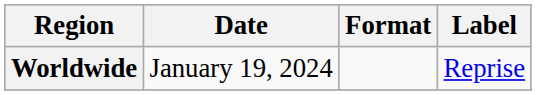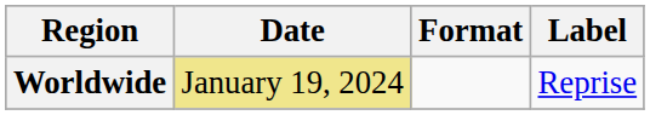 <table class="wikitable plainrowheaders">
 <tr>
 <th scope="col">Region</th>
 <th scope="col">Date</th>
 <th scope="col">Format</th>
 <th scope="col">Label</th>
 </tr>
 <tr>
 <th scope="row" rowspan="2">Worldwide</th>
-<td>January 19, 2024</td>
+<td style="background: khaki;">January 19, 2024</td>
 <td></td>
 <td rowspan="2"><a href='#'>Reprise</a></td>
 </tr>
 </table>
